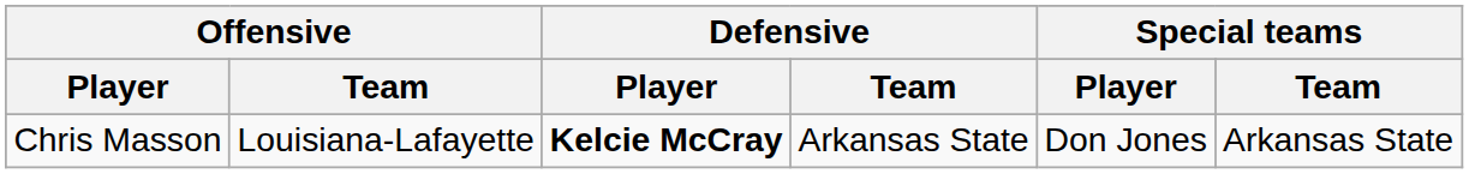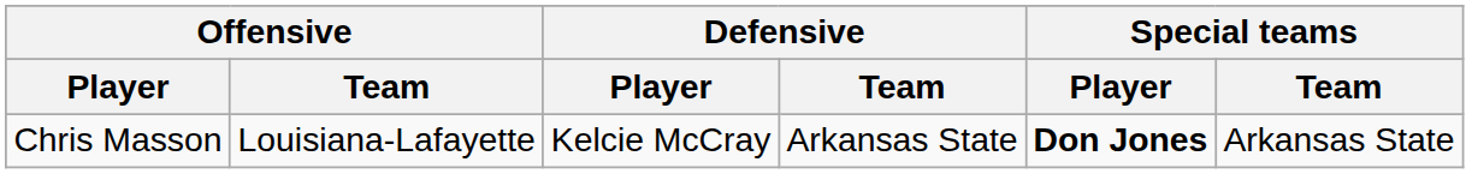 <table class="wikitable">
 <tr>
 <th colspan="2">Offensive</th>
 <th colspan="2">Defensive</th>
 <th colspan="2">Special teams</th>
 </tr>
 <tr>
 <th>Player</th>
 <th>Team</th>
 <th>Player</th>
 <th>Team</th>
 <th>Player</th>
 <th>Team</th>
 </tr>
 <tr>
 <td>Chris Masson</td>
 <td>Louisiana-Lafayette</td>
-<td><strong>Kelcie McCray</strong></td>
+<td>Kelcie McCray</td>
 <td>Arkansas State</td>
-<td>Don Jones</td>
+<td><strong>Don Jones</strong></td>
 <td>Arkansas State</td>
 </tr>
 </table>
